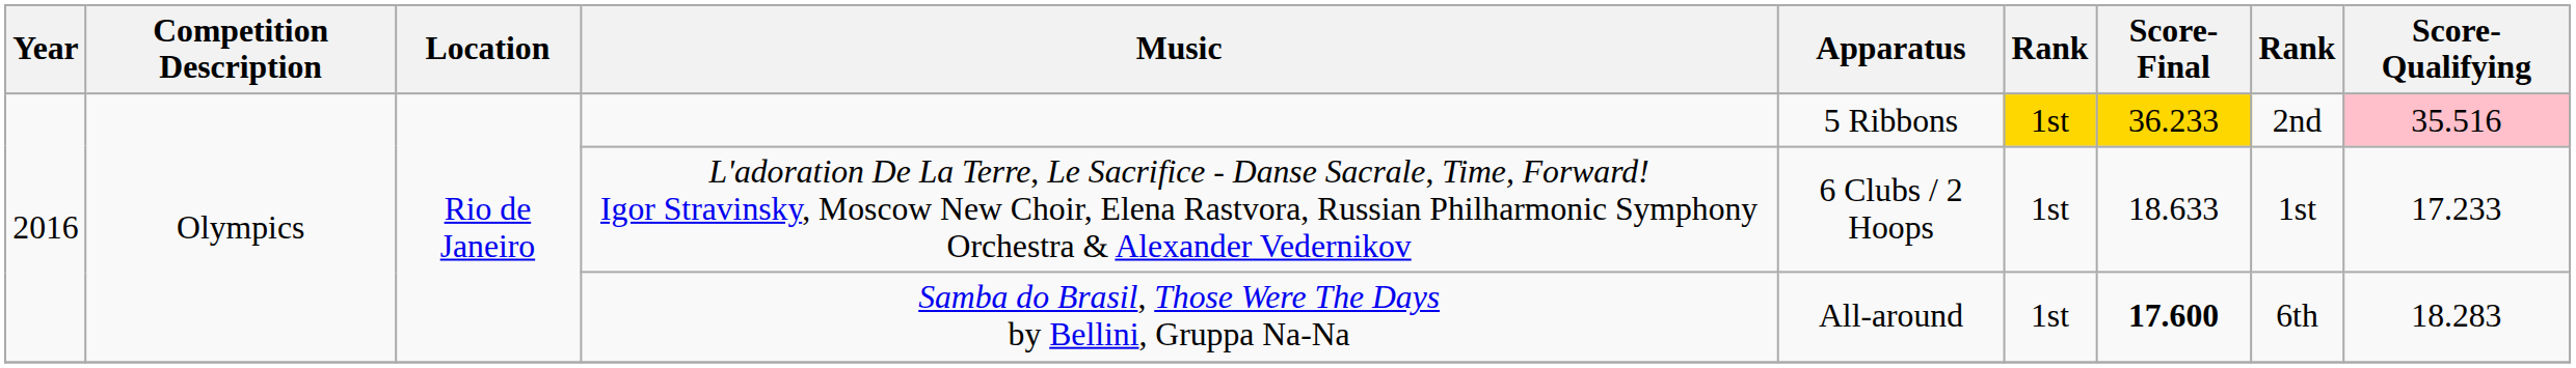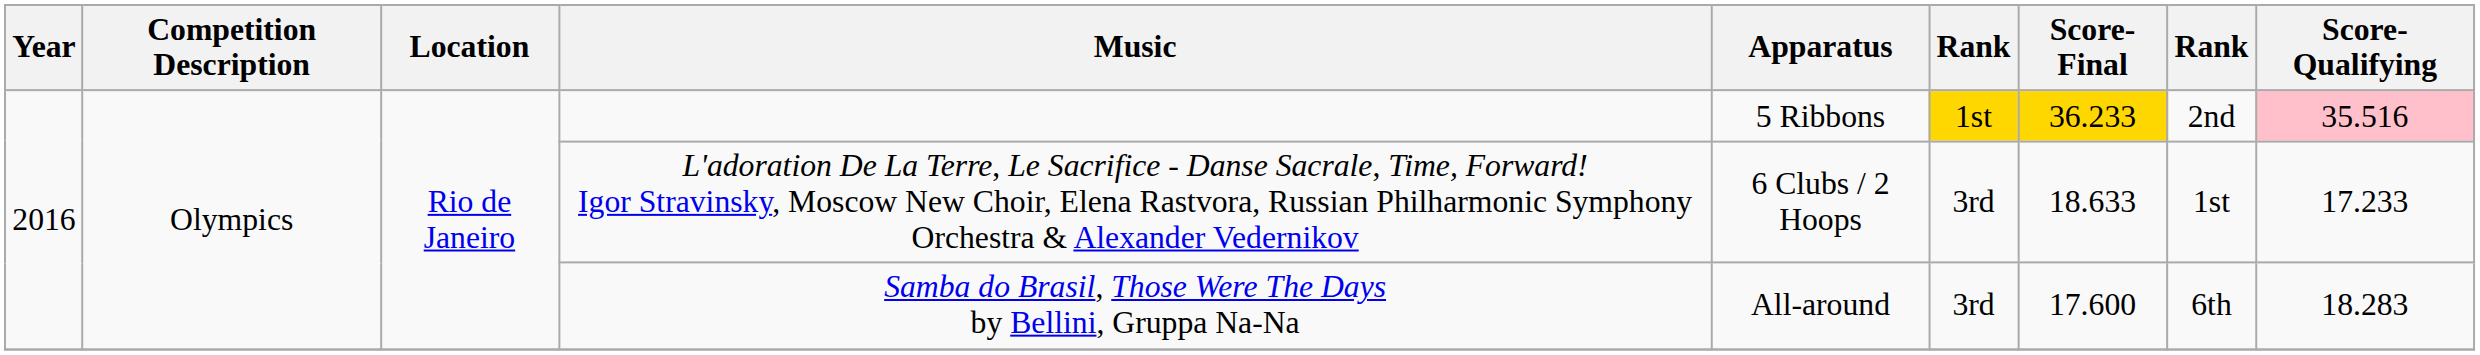 <table class="wikitable" style="text-align:center">
 <tr>
 <th>Year</th>
 <th>Competition Description</th>
 <th>Location</th>
 <th>Music</th>
 <th>Apparatus</th>
 <th>Rank</th>
 <th>Score-Final</th>
 <th>Rank</th>
 <th>Score-Qualifying</th>
 </tr>
 <tr>
 <td rowspan="3">2016</td>
 <td rowspan="3">Olympics</td>
 <td rowspan="3"><a href='#'>Rio de Janeiro</a></td>
 <td></td>
 <td>5 Ribbons</td>
 <td bgcolor=gold>1st</td>
 <td bgcolor=gold>36.233</td>
 <td>2nd</td>
 <td style="background: pink;">35.516</td>
 </tr>
 <tr>
 <td><em>L'adoration De La Terre</em>, <em>Le Sacrifice - Danse Sacrale</em>, <em>Time, Forward!</em> <br> <a href='#'>Igor Stravinsky</a>, Moscow New Choir, Elena Rastvora, Russian Philharmonic Symphony Orchestra & <a href='#'>Alexander Vedernikov</a></td>
 <td>6 Clubs / 2 Hoops</td>
-<td>1st</td>
+<td>3rd</td>
 <td>18.633</td>
 <td>1st</td>
 <td>17.233</td>
 </tr>
 <tr>
 <td><em><a href='#'>Samba do Brasil</a></em>, <em><a href='#'>Those Were The Days</a></em><br> by <a href='#'>Bellini</a>, Gruppa Na-Na</td>
 <td>All-around</td>
-<td>1st</td>
-<td><strong>17.600</strong></td>
+<td>3rd</td>
+<td>17.600</td>
 <td>6th</td>
 <td>18.283</td>
 </tr>
 <tr>
 </tr>
 </table>
